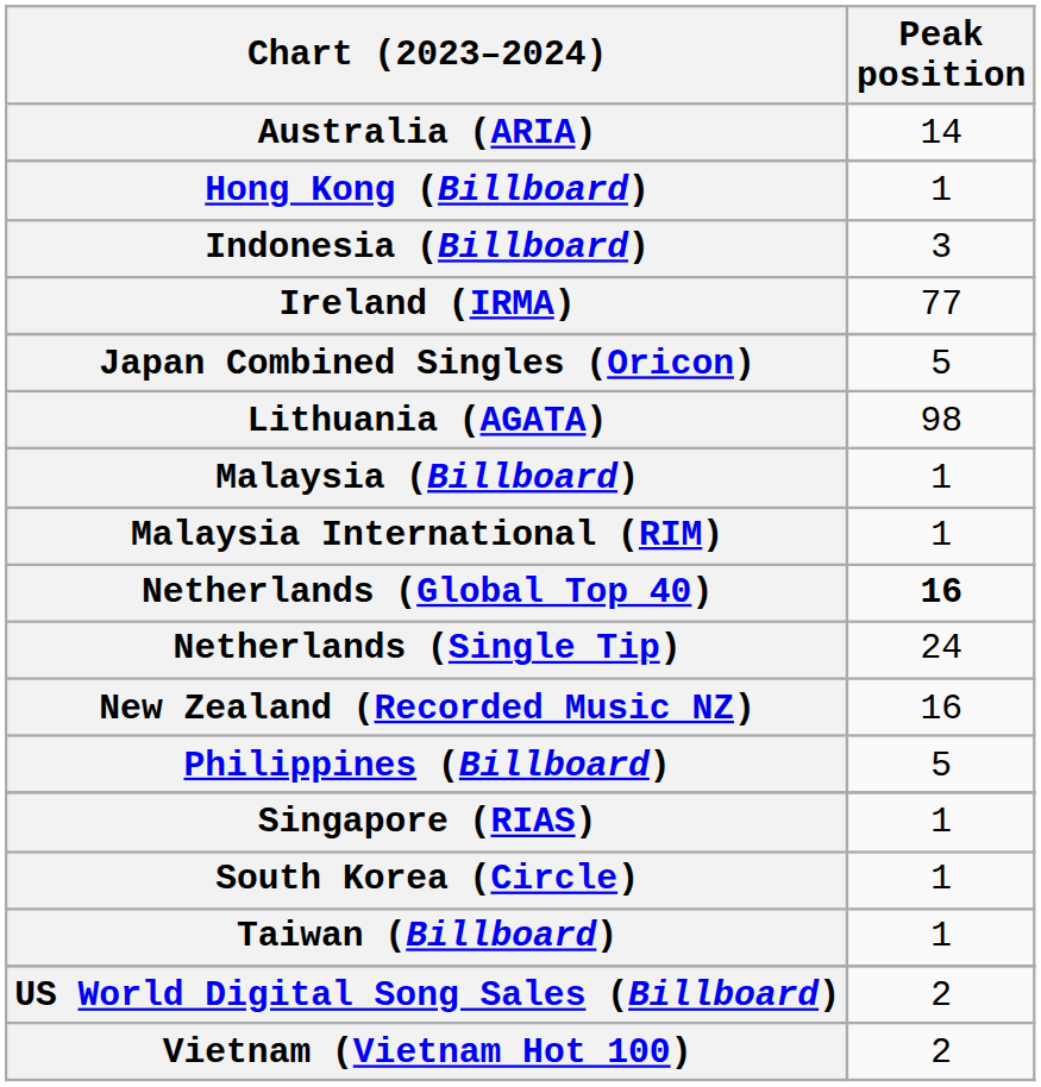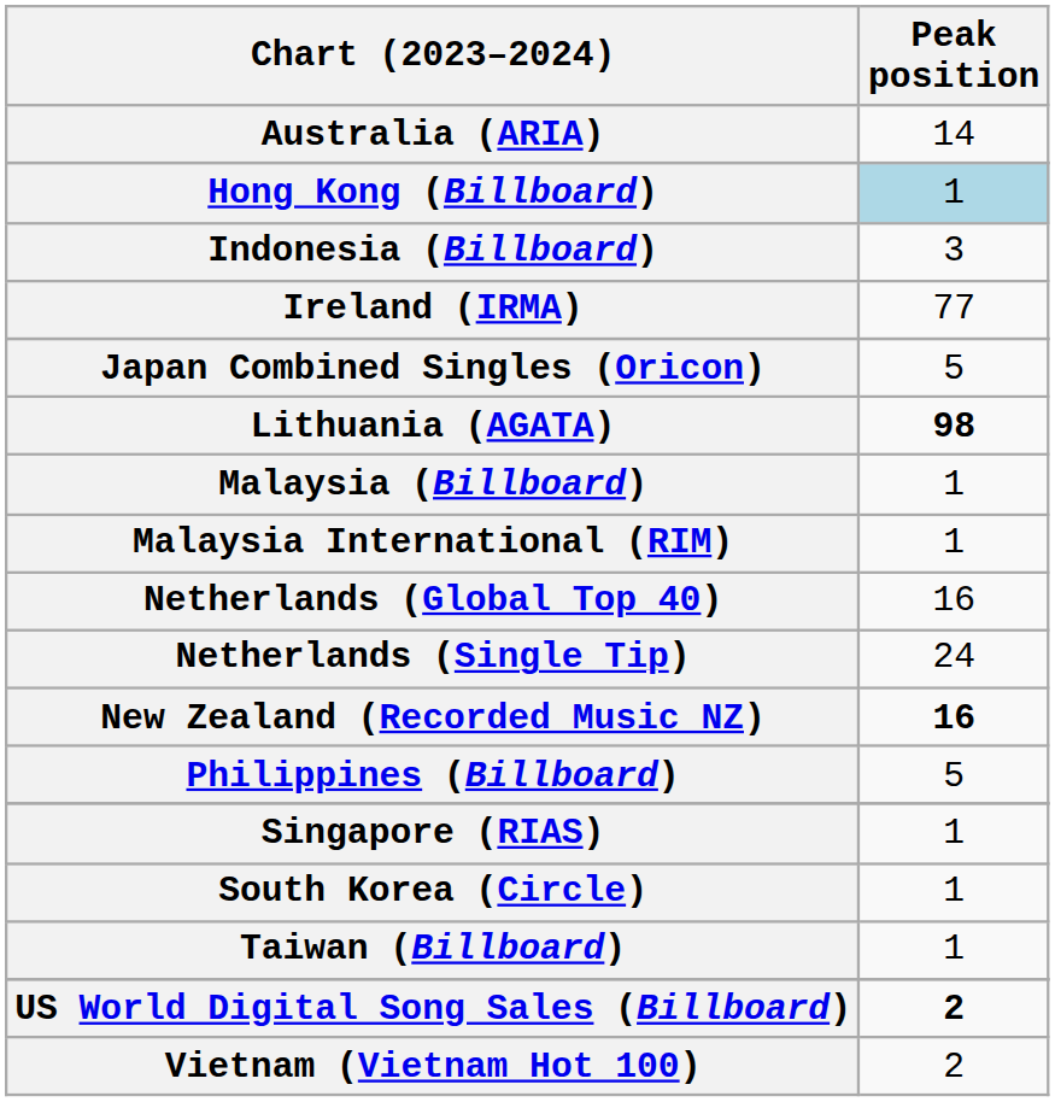 <table class="wikitable sortable plainrowheaders" style="text-align:center">
 <tr>
 <th scope="col">Chart (2023–2024)</th>
 <th scope="col">Peak<br>position</th>
 </tr>
 <tr>
 <th scope="row">Australia (<a href='#'>ARIA</a>)</th>
 <td>14</td>
 </tr>
 <tr>
 </tr>
 <tr>
 </tr>
 <tr>
 <th scope="row"><a href='#'>Hong Kong</a> (<em><a href='#'>Billboard</a></em>)</th>
-<td>1</td>
+<td style="background: lightblue;">1</td>
 </tr>
 <tr>
 <th scope="row">Indonesia (<em><a href='#'>Billboard</a></em>)</th>
 <td>3</td>
 </tr>
 <tr>
 <th scope="row">Ireland (<a href='#'>IRMA</a>)</th>
 <td>77</td>
 </tr>
 <tr>
 </tr>
 <tr>
 <th scope="row">Japan Combined Singles (<a href='#'>Oricon</a>)</th>
 <td>5</td>
 </tr>
 <tr>
 <th scope="row">Lithuania (<a href='#'>AGATA</a>)</th>
-<td>98</td>
+<td><strong>98</strong></td>
 </tr>
 <tr>
 <th scope="row">Malaysia (<em><a href='#'>Billboard</a></em>)</th>
 <td>1</td>
 </tr>
 <tr>
 <th scope="row">Malaysia International (<a href='#'>RIM</a>)</th>
 <td>1</td>
 </tr>
 <tr>
 <th scope="row">Netherlands (<a href='#'>Global Top 40</a>)</th>
-<td><strong>16</strong></td>
+<td>16</td>
 </tr>
 <tr>
 <th scope="row">Netherlands (<a href='#'>Single Tip</a>)</th>
 <td>24</td>
 </tr>
 <tr>
 <th scope="row">New Zealand (<a href='#'>Recorded Music NZ</a>)</th>
-<td>16</td>
+<td><strong>16</strong></td>
 </tr>
 <tr>
 <th scope="row"><a href='#'>Philippines</a> (<em><a href='#'>Billboard</a></em>)</th>
 <td>5</td>
 </tr>
 <tr>
 </tr>
 <tr>
 <th scope="row">Singapore (<a href='#'>RIAS</a>)</th>
 <td>1</td>
 </tr>
 <tr>
 <th scope="row">South Korea (<a href='#'>Circle</a>)</th>
 <td>1</td>
 </tr>
 <tr>
 <th scope="row">Taiwan (<em><a href='#'>Billboard</a></em>)</th>
 <td>1</td>
 </tr>
 <tr>
 </tr>
 <tr>
 </tr>
 <tr>
 </tr>
 <tr>
 </tr>
 <tr>
 <th scope="row">US <a href='#'>World Digital Song Sales</a> (<em><a href='#'>Billboard</a></em>)</th>
-<td>2</td>
+<td><strong>2</strong></td>
 </tr>
 <tr>
 <th scope="row">Vietnam (<a href='#'>Vietnam Hot 100</a>)</th>
 <td>2</td>
 </tr>
 </table>
